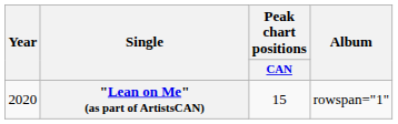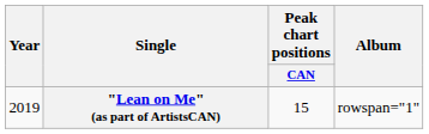 <table class="wikitable plainrowheaders" style="text-align:center;">
 <tr>
 <th rowspan="2">Year</th>
 <th rowspan="2" style="width:14em;">Single</th>
 <th colspan="1">Peak chart positions</th>
 <th rowspan="2">Album</th>
 </tr>
 <tr style="font-size:smaller;">
 <th scope="col" style="width:3em"><a href='#'>CAN</a><br></th>
 </tr>
 <tr>
-<td>2020</td>
+<td>2019</td>
 <th scope="row">"<a href='#'>Lean on Me</a>"<br><small>(as part of ArtistsCAN)</small></th>
 <td>15</td>
 <td>rowspan="1" </td>
 </tr>
 </table>
